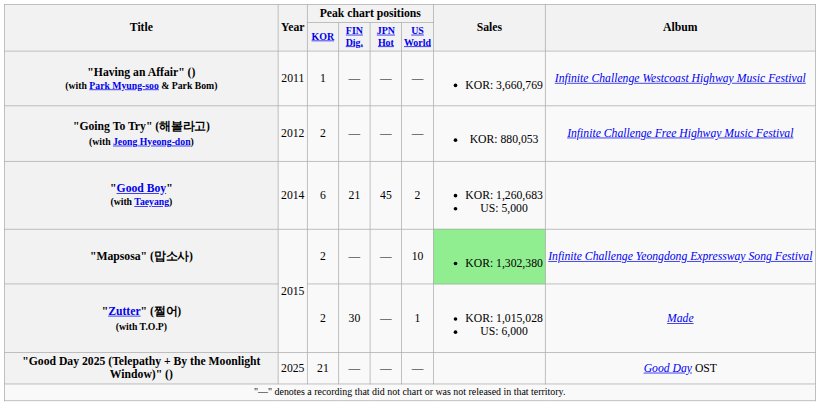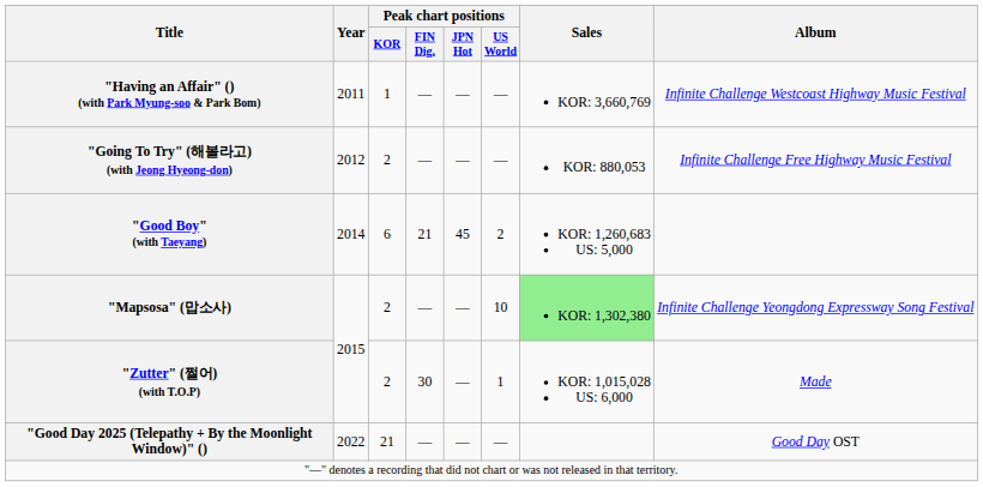 <table class="wikitable plainrowheaders" style="text-align:center;">
 <tr>
 <th scope="col" rowspan="2" style="width:23em;">Title</th>
 <th scope="col" rowspan="2">Year</th>
 <th scope="col" colspan="4">Peak chart positions</th>
 <th scope="col" rowspan="2">Sales</th>
 <th scope="col" rowspan="2">Album</th>
 </tr>
 <tr>
 <th scope="col" style="width:2.7em;font-size:85%;"><a href='#'>KOR</a><br></th>
 <th scope="col" style="width:2.7em;font-size:85%;"><a href='#'>FIN<br>Dig.</a><br></th>
 <th scope="col" style="width:2.7em;font-size:85%;"><a href='#'>JPN<br>Hot</a><br></th>
 <th scope="col" style="width:2.7em;font-size:85%;"><a href='#'>US<br>World</a><br></th>
 </tr>
 <tr>
 <th scope="row">"Having an Affair" ()<br><small>(with <a href='#'>Park Myung-soo</a> & Park Bom)</small></th>
 <td>2011</td>
 <td>1</td>
 <td>—</td>
 <td>—</td>
 <td>—</td>
 <td><br><ul><li>KOR: 3,660,769</li></ul></td>
 <td><em><a href='#'>Infinite Challenge Westcoast Highway Music Festival</a></em></td>
 </tr>
 <tr>
 <th scope="row">"Going To Try" (해볼라고)<br><small>(with <a href='#'>Jeong Hyeong-don</a>)</small></th>
 <td>2012</td>
 <td>2</td>
 <td>—</td>
 <td>—</td>
 <td>—</td>
 <td><br><ul><li>KOR: 880,053</li></ul></td>
 <td><em><a href='#'>Infinite Challenge Free Highway Music Festival</a></em></td>
 </tr>
 <tr>
 <th scope="row">"<a href='#'>Good Boy</a>"<br><small>(with <a href='#'>Taeyang</a>)</small></th>
 <td>2014</td>
 <td>6</td>
 <td>21</td>
 <td>45</td>
 <td>2</td>
 <td><br><ul><li>KOR: 1,260,683</li><li>US: 5,000</li></ul></td>
 <td></td>
 </tr>
 <tr>
 <th scope="row">"Mapsosa" (맙소사)<br></th>
 <td rowspan="2">2015</td>
 <td>2</td>
 <td>—</td>
 <td>—</td>
 <td>10</td>
 <td style="background: lightgreen;"><br><ul><li>KOR: 1,302,380</li></ul></td>
 <td><em><a href='#'>Infinite Challenge Yeongdong Expressway Song Festival</a></em></td>
 </tr>
 <tr>
 <th scope="row">"<a href='#'>Zutter</a>" (쩔어)<br><small>(with T.O.P)</small></th>
 <td>2</td>
 <td>30</td>
 <td>—</td>
 <td>1</td>
 <td><br><ul><li>KOR: 1,015,028</li><li>US: 6,000</li></ul></td>
 <td><em><a href='#'>Made</a></em></td>
 </tr>
 <tr>
 <th scope="row">"Good Day 2025 (Telepathy + By the Moonlight Window)" ()<br></th>
-<td>2025</td>
+<td>2022</td>
 <td>21</td>
 <td>—</td>
 <td>—</td>
 <td>—</td>
 <td></td>
 <td><em><a href='#'>Good Day</a></em> OST</td>
 </tr>
 <tr>
 <td colspan="8" style="font-size:85%">"—" denotes a recording that did not chart or was not released in that territory.</td>
 </tr>
 </table>
